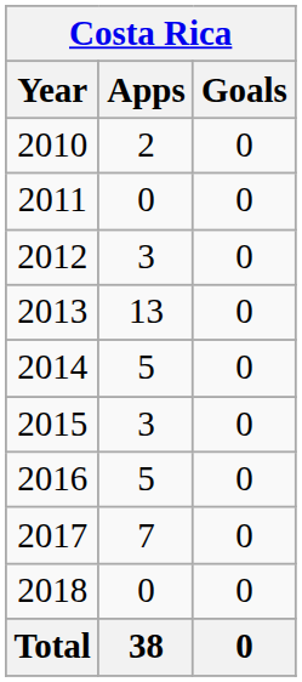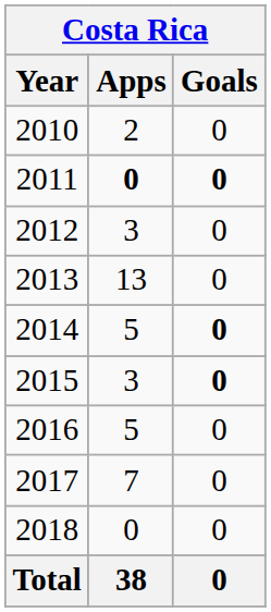 <table class="wikitable" style="text-align:center">
 <tr>
 <th colspan=3><a href='#'>Costa Rica</a></th>
 </tr>
 <tr>
 <th>Year</th>
 <th>Apps</th>
 <th>Goals</th>
 </tr>
 <tr>
 <td>2010</td>
 <td>2</td>
 <td>0</td>
 </tr>
 <tr>
 <td>2011</td>
-<td>0</td>
-<td>0</td>
+<td><strong>0</strong></td>
+<td><strong>0</strong></td>
 </tr>
 <tr>
 <td>2012</td>
 <td>3</td>
 <td>0</td>
 </tr>
 <tr>
 <td>2013</td>
 <td>13</td>
 <td>0</td>
 </tr>
 <tr>
 <td>2014</td>
 <td>5</td>
-<td>0</td>
+<td><strong>0</strong></td>
 </tr>
 <tr>
 <td>2015</td>
 <td>3</td>
-<td>0</td>
+<td><strong>0</strong></td>
 </tr>
 <tr>
 <td>2016</td>
 <td>5</td>
 <td>0</td>
 </tr>
 <tr>
 <td>2017</td>
 <td>7</td>
 <td>0</td>
 </tr>
 <tr>
 <td>2018</td>
 <td>0</td>
 <td>0</td>
 </tr>
 <tr>
 <th>Total</th>
 <th>38</th>
 <th>0</th>
 </tr>
 </table>
